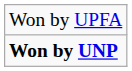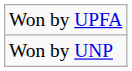 <table class="wikitable">
 <tr>
 <td>Won by <a href='#'>UPFA</a></td>
 </tr>
 <tr>
-<td><strong>Won by <a href='#'>UNP</a></strong></td>
+<td>Won by <a href='#'>UNP</a></td>
 </tr>
 </table>
